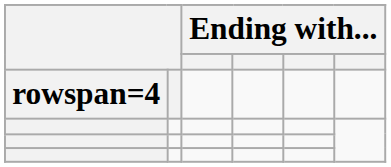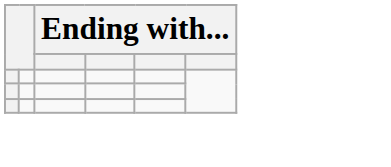 <table class="wikitable">
 <tr>
 <th colspan=2 rowspan=2></th>
 <th colspan=4>Ending with...</th>
 </tr>
 <tr>
 <th></th>
 <th></th>
 <th></th>
 <th></th>
-</tr>
-<tr>
-<th>rowspan=4 </th>
-<th></th>
-<td></td>
-<td></td>
-<td></td>
-<td></td>
 </tr>
 <tr>
 <th></th>
 <td></td>
 <td></td>
 <td></td>
 <td></td>
 </tr>
 <tr>
 <th></th>
 <td></td>
 <td></td>
 <td></td>
 <td></td>
 </tr>
 <tr>
 <th></th>
 <td></td>
 <td></td>
 <td></td>
 <td></td>
 </tr>
 </table>
